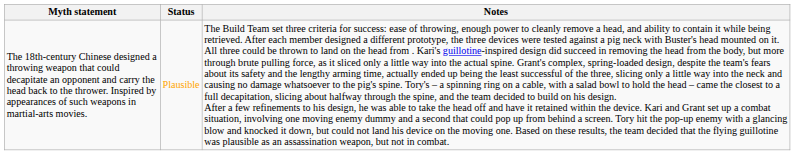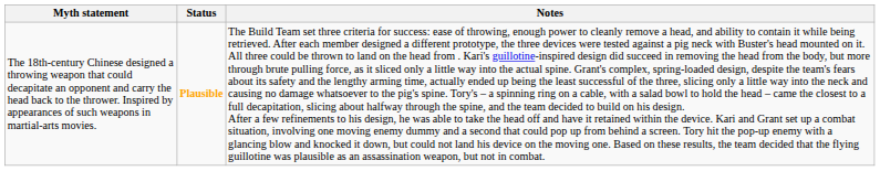 <table class="wikitable plainrowheaders">
 <tr>
 <th>Myth statement</th>
 <th>Status</th>
 <th>Notes</th>
 </tr>
 <tr>
 <td>The 18th-century Chinese designed a throwing weapon that could decapitate an opponent and carry the head back to the thrower. Inspired by appearances of such weapons in martial-arts movies.</td>
-<td style="color:orange">Plausible</td>
+<td style="color:orange"><strong>Plausible</strong></td>
 <td>The Build Team set three criteria for success: ease of throwing, enough power to cleanly remove a head, and ability to contain it while being retrieved. After each member designed a different prototype, the three devices were tested against a pig neck with Buster's head mounted on it. All three could be thrown to land on the head from . Kari's <a href='#'>guillotine</a>-inspired design did succeed in removing the head from the body, but more through brute pulling force, as it sliced only a little way into the actual spine. Grant's complex, spring-loaded design, despite the team's fears about its safety and the lengthy arming time, actually ended up being the least successful of the three, slicing only a little way into the neck and causing no damage whatsoever to the pig's spine. Tory's – a spinning ring on a cable, with a salad bowl to hold the head – came the closest to a full decapitation, slicing about halfway through the spine, and the team decided to build on his design.<br>After a few refinements to his design, he was able to take the head off and have it retained within the device. Kari and Grant set up a combat situation, involving one moving enemy dummy and a second that could pop up from behind a screen. Tory hit the pop-up enemy with a glancing blow and knocked it down, but could not land his device on the moving one. Based on these results, the team decided that the flying guillotine was plausible as an assassination weapon, but not in combat.</td>
 </tr>
 </table>
